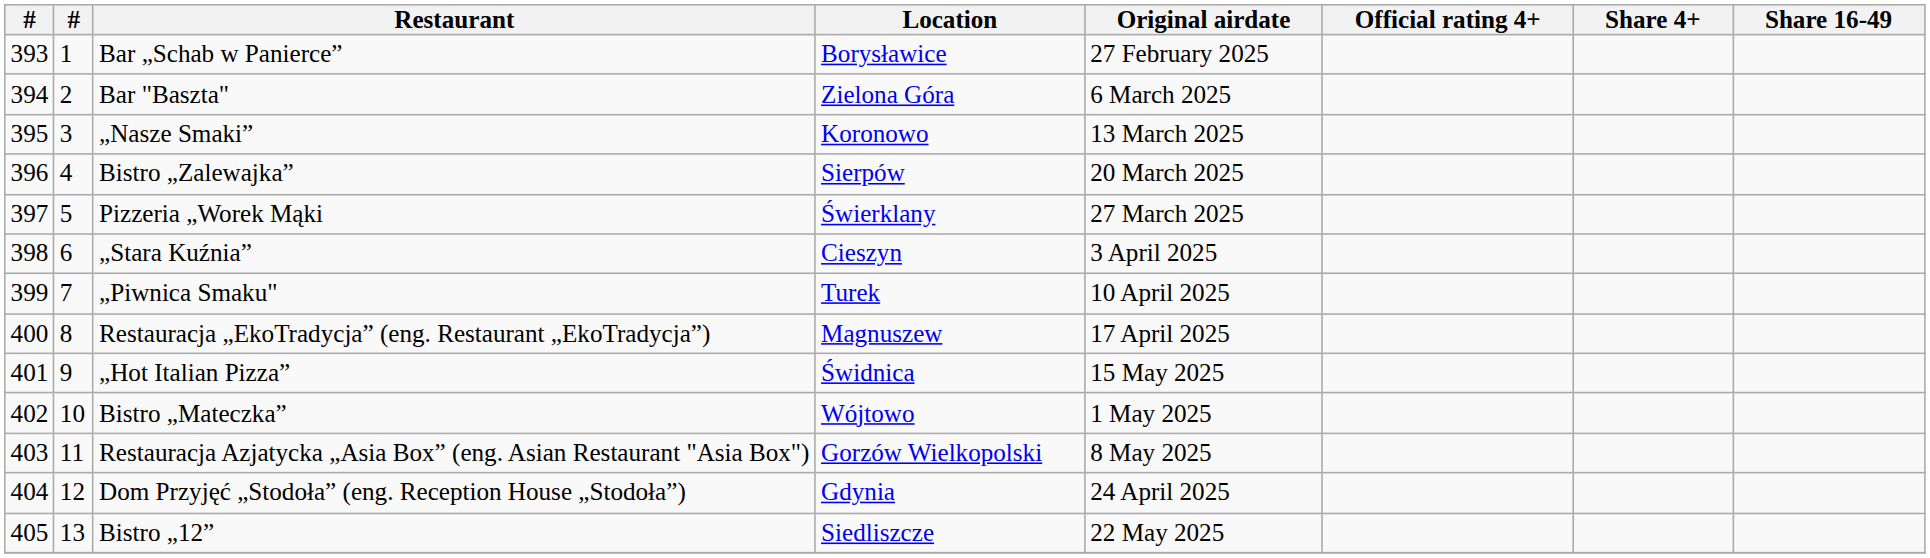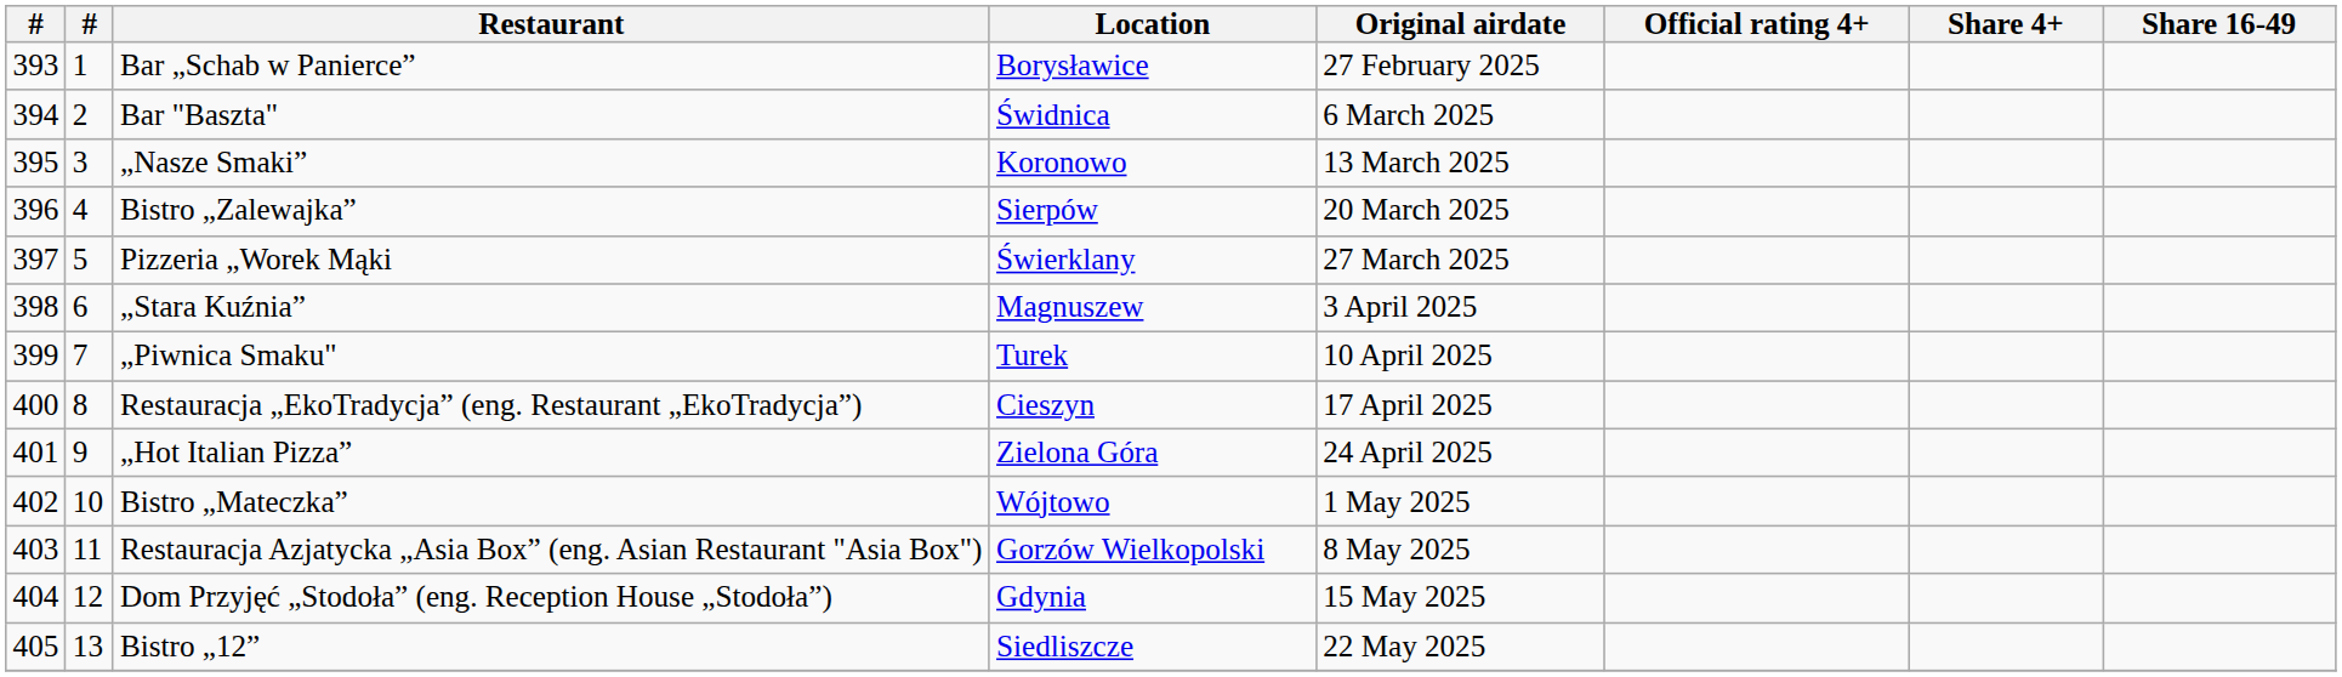 <table class=wikitable>
 <tr>
 <th style="padding: 0px 8px">#</th>
 <th style="padding: 0px 8px">#</th>
 <th style="padding: 0px 35px">Restaurant</th>
 <th style="padding: 0px 55px">Location</th>
 <th style="padding: 0px 20px">Original airdate</th>
 <th style="padding: 0px 20px">Official rating 4+</th>
 <th style="padding: 0px 20px">Share 4+</th>
 <th style="padding: 0px 20px">Share 16-49</th>
 </tr>
 <tr>
 <td>393</td>
 <td>1</td>
 <td>Bar „Schab w Panierce” </td>
 <td><a href='#'>Borysławice</a></td>
 <td>27 February 2025</td>
 <td></td>
 <td></td>
 <td></td>
 </tr>
 <tr>
 <td>394</td>
 <td>2</td>
 <td>Bar "Baszta" </td>
-<td><a href='#'>Zielona Góra</a></td>
+<td><a href='#'>Świdnica</a></td>
 <td>6 March 2025</td>
 <td></td>
 <td></td>
 <td></td>
 </tr>
 <tr>
 <td>395</td>
 <td>3</td>
 <td>„Nasze Smaki” </td>
 <td><a href='#'>Koronowo</a></td>
 <td>13 March 2025</td>
 <td></td>
 <td></td>
 <td></td>
 </tr>
 <tr>
 <td>396</td>
 <td>4</td>
 <td>Bistro „Zalewajka” </td>
 <td><a href='#'>Sierpów</a></td>
 <td>20 March 2025</td>
 <td></td>
 <td></td>
 <td></td>
 </tr>
 <tr>
 <td>397</td>
 <td>5</td>
 <td>Pizzeria „Worek Mąki </td>
 <td><a href='#'>Świerklany</a></td>
 <td>27 March 2025</td>
 <td></td>
 <td></td>
 <td></td>
 </tr>
 <tr>
 <td>398</td>
 <td>6</td>
 <td>„Stara Kuźnia” </td>
-<td><a href='#'>Cieszyn</a></td>
+<td><a href='#'>Magnuszew</a></td>
 <td>3 April 2025</td>
 <td></td>
 <td></td>
 <td></td>
 </tr>
 <tr>
 <td>399</td>
 <td>7</td>
 <td>„Piwnica Smaku" </td>
 <td><a href='#'>Turek</a></td>
 <td>10 April 2025</td>
 <td></td>
 <td></td>
 <td></td>
 </tr>
 <tr>
 <td>400</td>
 <td>8</td>
 <td>Restauracja „EkoTradycja” (eng. Restaurant „EkoTradycja”) </td>
-<td><a href='#'>Magnuszew</a></td>
+<td><a href='#'>Cieszyn</a></td>
 <td>17 April 2025</td>
 <td></td>
 <td></td>
 <td></td>
 </tr>
 <tr>
 <td>401</td>
 <td>9</td>
 <td>„Hot Italian Pizza” </td>
-<td><a href='#'>Świdnica</a></td>
-<td>15 May 2025</td>
+<td><a href='#'>Zielona Góra</a></td>
+<td>24 April 2025</td>
 <td></td>
 <td></td>
 <td></td>
 </tr>
 <tr>
 <td>402</td>
 <td>10</td>
 <td>Bistro „Mateczka” </td>
 <td><a href='#'>Wójtowo</a></td>
 <td>1 May 2025</td>
 <td></td>
 <td></td>
 <td></td>
 </tr>
 <tr>
 <td>403</td>
 <td>11</td>
 <td>Restauracja Azjatycka „Asia Box” (eng. Asian Restaurant "Asia Box") </td>
 <td><a href='#'>Gorzów Wielkopolski</a></td>
 <td>8 May 2025</td>
 <td></td>
 <td></td>
 <td></td>
 </tr>
 <tr>
 <td>404</td>
 <td>12</td>
 <td>Dom Przyjęć „Stodoła” (eng. Reception House „Stodoła”) </td>
 <td><a href='#'>Gdynia</a></td>
-<td>24 April 2025</td>
+<td>15 May 2025</td>
 <td></td>
 <td></td>
 <td></td>
 </tr>
 <tr>
 <td>405</td>
 <td>13</td>
 <td>Bistro „12” </td>
 <td><a href='#'>Siedliszcze</a></td>
 <td>22 May 2025</td>
 <td></td>
 <td></td>
 <td></td>
 </tr>
 <tr>
 </tr>
 </table>
